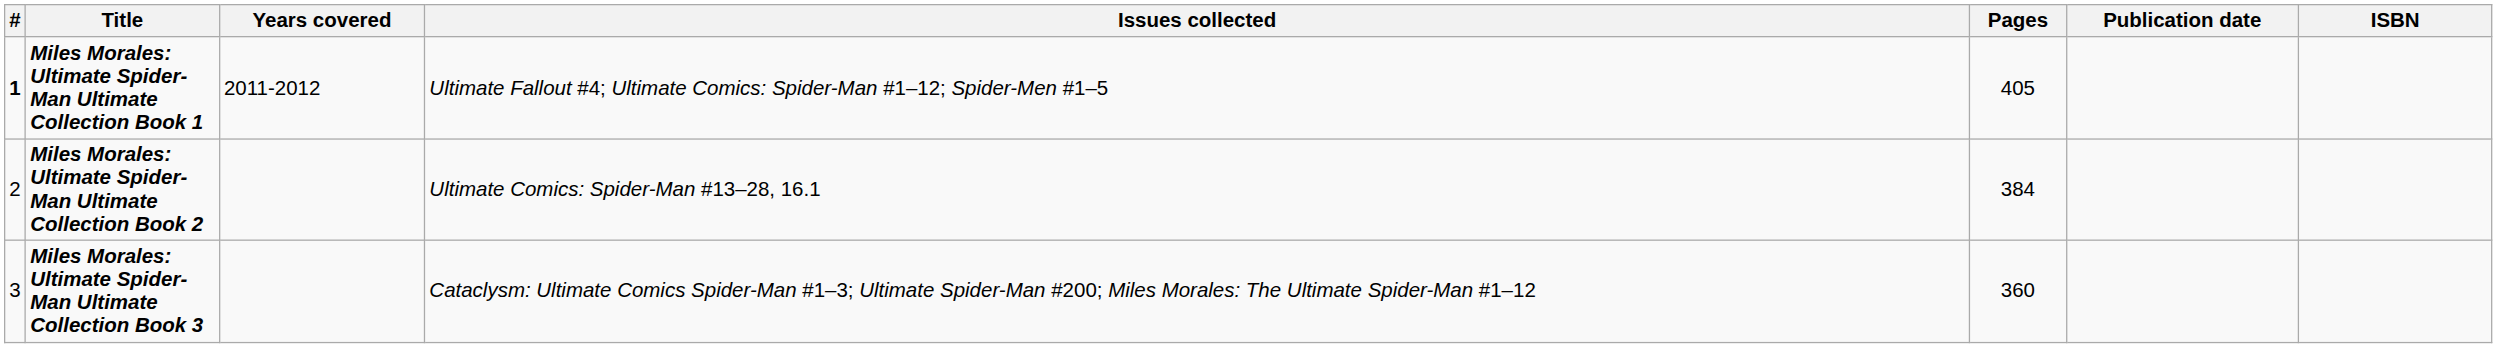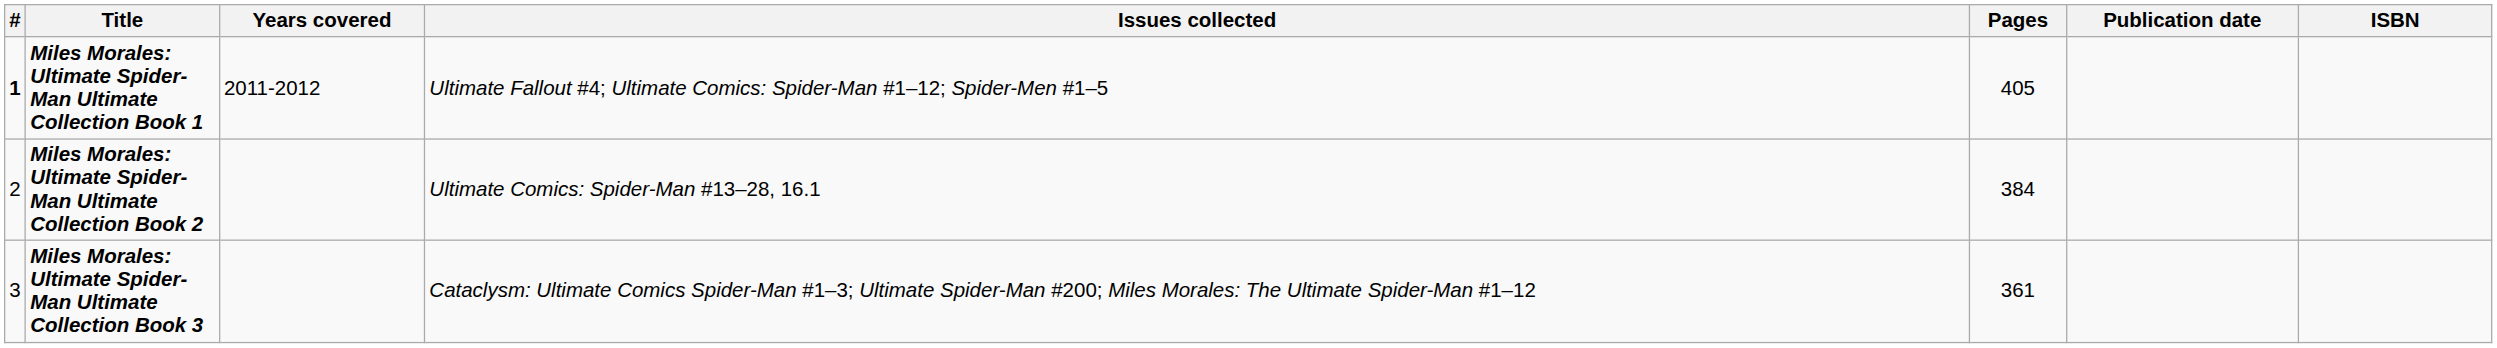 <table class="wikitable sortable" width=98%>
 <tr>
 <th style="width: 4px;">#</th>
 <th style="width: 9em;">Title</th>
 <th>Years covered</th>
 <th>Issues collected</th>
 <th>Pages</th>
 <th>Publication date</th>
 <th class="unsortable" style="width: 9em;">ISBN</th>
 </tr>
 <tr>
 <td><strong>1</strong></td>
 <td><strong><em>Miles Morales: Ultimate Spider-Man Ultimate Collection Book 1</em></strong></td>
 <td>2011-2012</td>
 <td><em>Ultimate Fallout</em> #4; <em>Ultimate Comics: Spider-Man</em> #1–12; <em>Spider-Men</em> #1–5</td>
 <td style="text-align: center;">405</td>
 <td></td>
 <td></td>
 </tr>
 <tr>
 <td>2</td>
 <td><strong><em>Miles Morales: Ultimate Spider-Man Ultimate Collection Book 2</em></strong></td>
 <td></td>
 <td><em>Ultimate Comics: Spider-Man</em> #13–28, 16.1</td>
 <td style="text-align: center;">384</td>
 <td></td>
 <td></td>
 </tr>
 <tr>
 <td>3</td>
 <td><strong><em>Miles Morales: Ultimate Spider-Man Ultimate Collection Book 3</em></strong></td>
 <td></td>
 <td><em>Cataclysm: Ultimate Comics Spider-Man</em> #1–3; <em>Ultimate Spider-Man</em> #200; <em>Miles Morales: The Ultimate Spider-Man</em> #1–12</td>
-<td style="text-align: center;">360</td>
+<td style="text-align: center;">361</td>
 <td></td>
 <td></td>
 </tr>
 </table>
